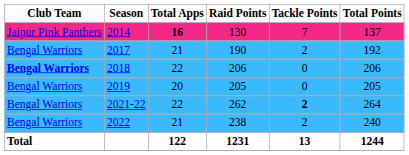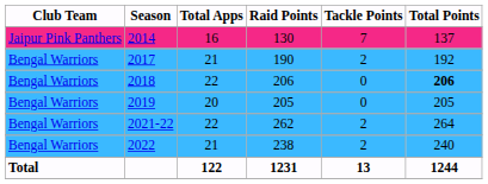 <table class="wikitable" style="text-align: center;">
 <tr>
 <th style="background:#FEFCFF; color:Black text-align:center;"><strong>Club Team</strong></th>
 <th style="background:#FEFCFF; color:black; text-align:center;"><strong>Season</strong></th>
 <th style="background:#FEFCFF; color:Black; text-align:center;"><strong>Total Apps</strong></th>
 <th style="background:#FEFCFF; color:Black; text-align:center;"><strong>Raid Points</strong></th>
 <th style="background:#FEFCFF; color:Black; text-align:center;"><strong>Tackle Points </strong></th>
 <th style="background:#FEFCFF; color:Black; text-align:center;"><strong>Total Points</strong></th>
 </tr>
 <tr>
 </tr>
 <tr style="background:#F52887">
 <td style="text-align:left"><a href='#'>Jaipur Pink Panthers</a></td>
 <td style="text-align:left"><a href='#'>2014</a></td>
-<td><strong>16</strong></td>
+<td>16</td>
 <td>130</td>
 <td>7</td>
 <td>137</td>
 </tr>
 <tr>
 </tr>
 <tr style="background:#3BB9FF">
 <td style="text-align:left"><a href='#'>Bengal Warriors</a></td>
 <td style="text-align:left"><a href='#'>2017</a></td>
 <td>21</td>
 <td>190</td>
 <td>2</td>
 <td>192</td>
 </tr>
 <tr>
 </tr>
 <tr style="background:#3BB9FF">
-<td style="text-align:left"><strong><a href='#'>Bengal Warriors</a></strong></td>
+<td style="text-align:left"><a href='#'>Bengal Warriors</a></td>
 <td style="text-align:left"><a href='#'>2018</a></td>
 <td>22</td>
 <td>206</td>
 <td>0</td>
-<td>206</td>
+<td><strong>206</strong></td>
 </tr>
 <tr>
 </tr>
 <tr style="background:#3BB9FF">
 <td style="text-align:left"><a href='#'>Bengal Warriors</a></td>
 <td style="text-align:left"><a href='#'>2019</a></td>
 <td>20</td>
 <td>205</td>
 <td>0</td>
 <td>205</td>
 </tr>
 <tr>
 </tr>
 <tr style="background:#3BB9FF">
 <td style="text-align:left"><a href='#'>Bengal Warriors</a></td>
 <td style="text-align:left"><a href='#'>2021-22</a></td>
 <td>22</td>
 <td>262</td>
-<td><strong>2</strong></td>
+<td>2</td>
 <td>264</td>
 </tr>
 <tr>
 </tr>
 <tr style="background:#3BB9FF">
 <td style="text-align:left"><a href='#'>Bengal Warriors</a></td>
 <td style="text-align:left"><a href='#'>2022</a></td>
 <td>21</td>
 <td>238</td>
 <td>2</td>
 <td>240</td>
 </tr>
 <tr>
 </tr>
 <tr style="background:#FEFCFF">
 <td style="text-align:left"><strong>Total</strong></td>
 <td></td>
 <td><strong>122</strong></td>
 <td><strong>1231</strong></td>
 <td><strong>13</strong></td>
 <td><strong>1244</strong></td>
 </tr>
 <tr>
 </tr>
 </table>
